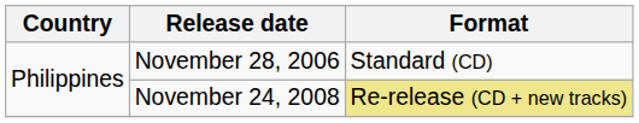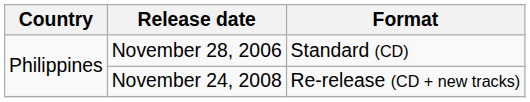 <table class="wikitable">
 <tr>
 <th>Country</th>
 <th>Release date</th>
 <th>Format</th>
 </tr>
 <tr>
 <td rowspan=2>Philippines</td>
 <td>November 28, 2006</td>
 <td>Standard <small>(CD)</small></td>
 </tr>
 <tr>
 <td>November 24, 2008</td>
-<td style="background: khaki;">Re-release <small>(CD + new tracks)</small></td>
+<td>Re-release <small>(CD + new tracks)</small></td>
 </tr>
 <tr>
 </tr>
 </table>
